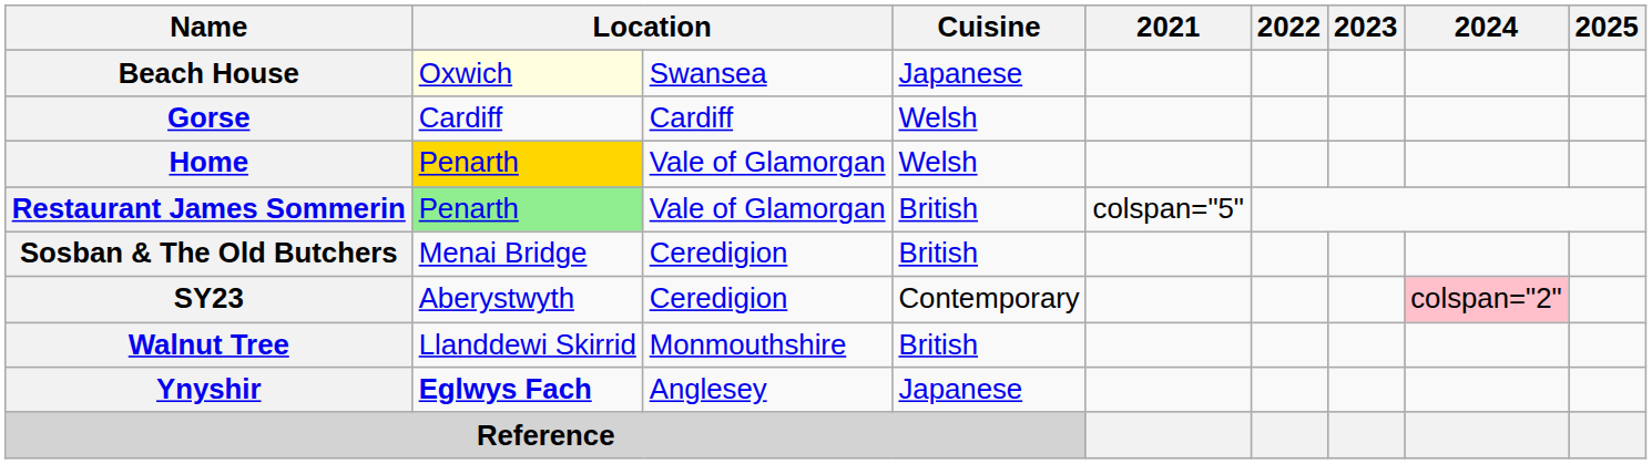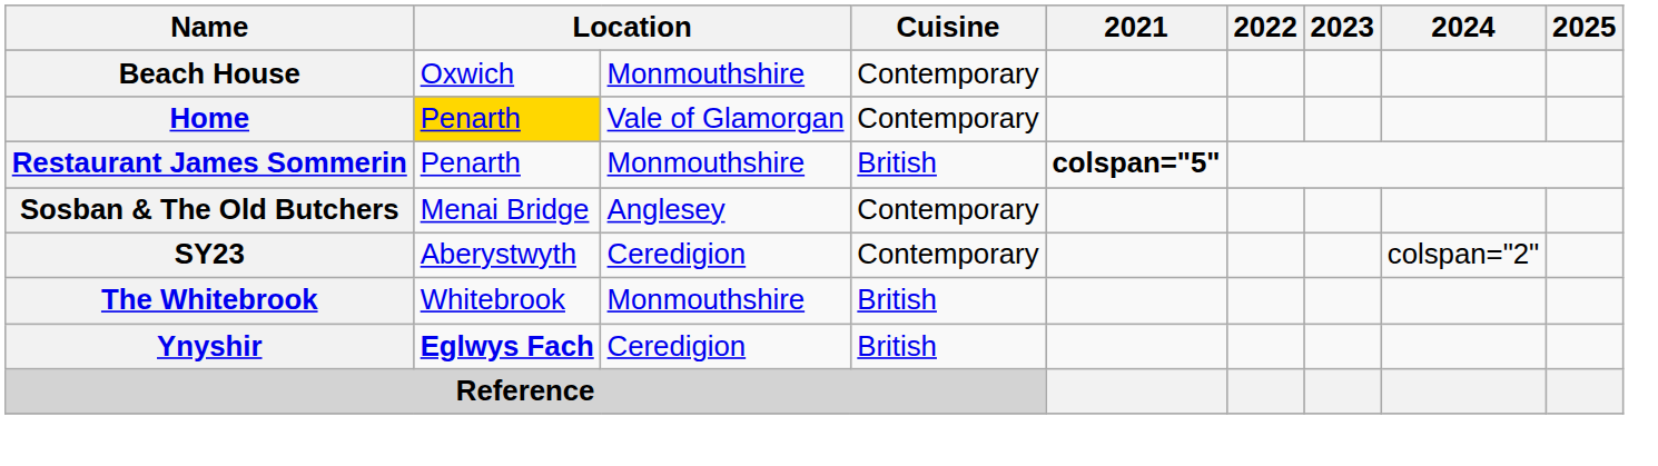 <table class="wikitable sortable plainrowheaders" style="text-align:left;"">
 <tr>
 <th scope="col">Name</th>
 <th scope="col" colspan="2">Location</th>
 <th scope="col">Cuisine</th>
 <th scope="col">2021</th>
 <th scope="col">2022</th>
 <th scope="col">2023</th>
 <th scope="col">2024</th>
 <th scope="col">2025</th>
 </tr>
 <tr>
 <th scope="row">Beach House</th>
-<td style="background: lightyellow;"><a href='#'>Oxwich</a></td>
-<td><a href='#'>Swansea</a></td>
-<td><a href='#'>Japanese</a></td>
-<td></td>
-<td></td>
-<td></td>
-<td></td>
-<td></td>
-</tr>
-<tr>
-<th scope="row"><a href='#'>Gorse</a></th>
-<td><a href='#'>Cardiff</a></td>
-<td><a href='#'>Cardiff</a></td>
-<td><a href='#'>Welsh</a></td>
+<td><a href='#'>Oxwich</a></td>
+<td><a href='#'>Monmouthshire</a></td>
+<td>Contemporary</td>
 <td></td>
 <td></td>
 <td></td>
 <td></td>
 <td></td>
 </tr>
 <tr>
 <th scope="row"><a href='#'>Home</a></th>
 <td style="background: gold;"><a href='#'>Penarth</a></td>
 <td><a href='#'>Vale of Glamorgan</a></td>
-<td><a href='#'>Welsh</a></td>
+<td>Contemporary</td>
 <td></td>
 <td></td>
 <td></td>
 <td></td>
 <td></td>
 </tr>
 <tr>
 <th scope="row"><a href='#'>Restaurant James Sommerin</a></th>
-<td style="background: lightgreen;"><a href='#'>Penarth</a></td>
-<td><a href='#'>Vale of Glamorgan</a></td>
+<td><a href='#'>Penarth</a></td>
+<td><a href='#'>Monmouthshire</a></td>
 <td><a href='#'>British</a></td>
-<td>colspan="5" <em></td>
+<td><strong>colspan="5" <em></strong></td>
 </tr>
 <tr>
 <th scope="row">Sosban & The Old Butchers</th>
 <td><a href='#'>Menai Bridge</a></td>
-<td><a href='#'>Ceredigion</a></td>
-<td><a href='#'>British</a></td>
+<td><a href='#'>Anglesey</a></td>
+<td>Contemporary</td>
 <td></td>
 <td></td>
 <td></td>
 <td></td>
 <td></td>
 </tr>
 <tr>
 <th scope="row">SY23</th>
 <td><a href='#'>Aberystwyth</a></td>
 <td><a href='#'>Ceredigion</a></td>
 <td>Contemporary</td>
 <td></td>
 <td></td>
 <td></td>
-<td style="background: pink;">colspan="2" </td>
+<td>colspan="2" </td>
 </tr>
 <tr>
-<th scope="row"><a href='#'>Walnut Tree</a></th>
-<td><a href='#'>Llanddewi Skirrid</a></td>
+<th scope="row"><a href='#'>The Whitebrook</a></th>
+<td><a href='#'>Whitebrook</a></td>
 <td><a href='#'>Monmouthshire</a></td>
 <td><a href='#'>British</a></td>
 <td></td>
 <td></td>
 <td></td>
 <td></td>
 <td></td>
 </tr>
 <tr>
 <th scope="row"><a href='#'>Ynyshir</a></th>
 <td><strong><a href='#'>Eglwys Fach</a></strong></td>
-<td><a href='#'>Anglesey</a></td>
-<td><a href='#'>Japanese</a></td>
+<td><a href='#'>Ceredigion</a></td>
+<td><a href='#'>British</a></td>
 <td></td>
 <td></td>
 <td></td>
 <td></td>
 <td></td>
 </tr>
 <tr>
 <th colspan="4" style="text-align: center;background: lightgray;">Reference</th>
 <th></th>
 <th></th>
 <th></th>
 <th></th>
 <th></th>
 </tr>
 </table>
